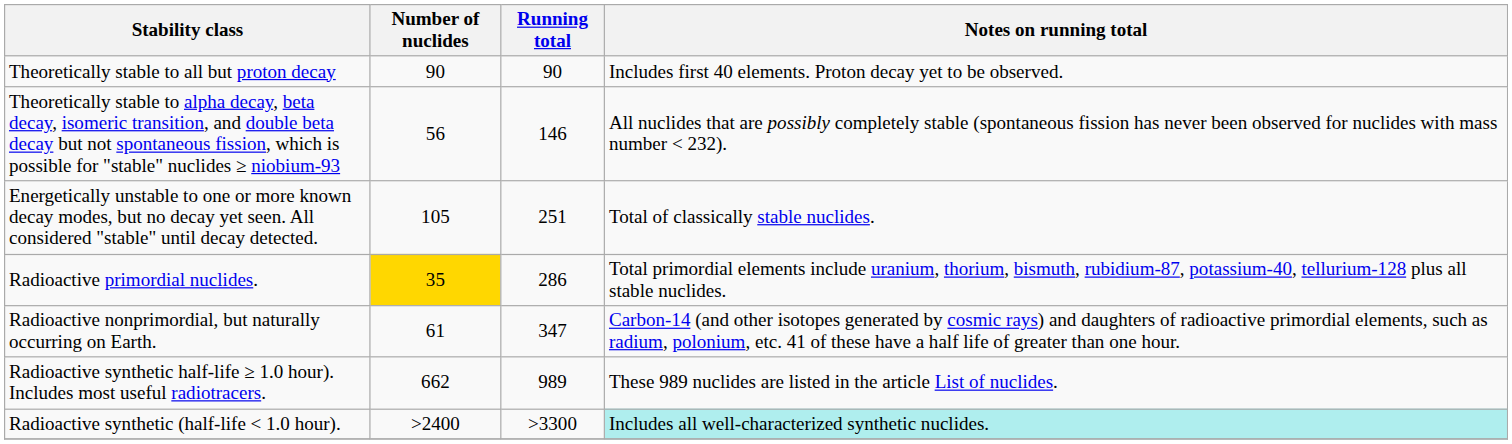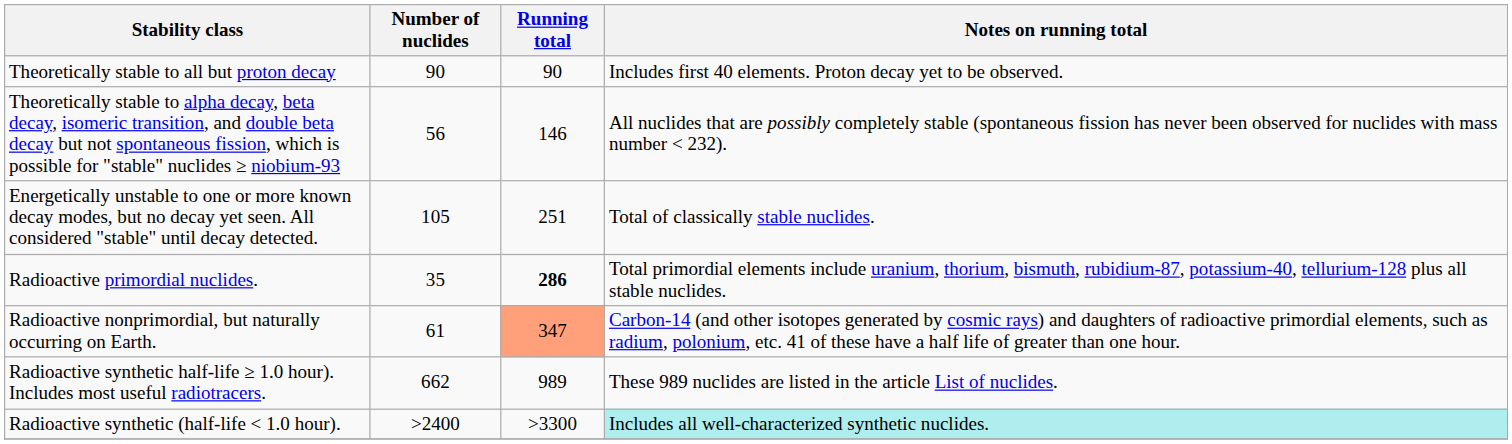 <table class="wikitable sortable" width="100%">
 <tr>
 <th width="300">Stability class</th>
 <th>Number of nuclides</th>
 <th><a href='#'>Running total</a></th>
 <th>Notes on running total</th>
 </tr>
 <tr>
 <td align="left">Theoretically stable to all but <a href='#'>proton decay</a></td>
 <td align="center">90</td>
 <td align="center">90</td>
 <td>Includes first 40 elements. Proton decay yet to be observed.</td>
 </tr>
 <tr>
 <td>Theoretically stable to <a href='#'>alpha decay</a>, <a href='#'>beta decay</a>, <a href='#'>isomeric transition</a>, and <a href='#'>double beta decay</a> but not <a href='#'>spontaneous fission</a>, which is possible for "stable" nuclides ≥ <a href='#'>niobium-93</a></td>
 <td align="center">56</td>
 <td align="center">146</td>
 <td>All nuclides that are <em>possibly</em> completely stable (spontaneous fission has never been observed for nuclides with mass number < 232).</td>
 </tr>
 <tr>
 <td>Energetically unstable to one or more known decay modes, but no decay yet seen. All considered "stable" until decay detected.</td>
 <td align="center">105</td>
 <td align="center">251</td>
 <td>Total of classically <a href='#'>stable nuclides</a>.</td>
 </tr>
 <tr>
 <td>Radioactive <a href='#'>primordial nuclides</a>.</td>
-<td align="center" style="background: gold;">35</td>
-<td align="center">286</td>
+<td align="center">35</td>
+<td align="center"><strong>286</strong></td>
 <td>Total primordial elements include <a href='#'>uranium</a>, <a href='#'>thorium</a>, <a href='#'>bismuth</a>, <a href='#'>rubidium-87</a>, <a href='#'>potassium-40</a>, <a href='#'>tellurium-128</a> plus all stable nuclides.</td>
 </tr>
 <tr>
 <td>Radioactive nonprimordial, but naturally occurring on Earth.</td>
 <td align="center">61</td>
-<td align="center">347</td>
+<td align="center" style="background: lightsalmon;">347</td>
 <td><a href='#'>Carbon-14</a> (and other isotopes generated by <a href='#'>cosmic rays</a>) and daughters of radioactive primordial elements, such as <a href='#'>radium</a>, <a href='#'>polonium</a>, etc. 41 of these have a half life of greater than one hour.</td>
 </tr>
 <tr>
 <td>Radioactive synthetic half-life ≥ 1.0 hour). Includes most useful <a href='#'>radiotracers</a>.</td>
 <td align="center">662</td>
 <td align="center">989</td>
 <td>These 989 nuclides are listed in the article <a href='#'>List of nuclides</a>.</td>
 </tr>
 <tr>
 <td>Radioactive synthetic (half-life < 1.0 hour).</td>
 <td align="center">>2400</td>
 <td align="center">>3300</td>
 <td style="background: paleturquoise;">Includes all well-characterized synthetic nuclides.</td>
 </tr>
 <tr>
 </tr>
 </table>
